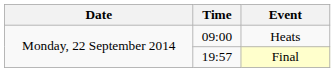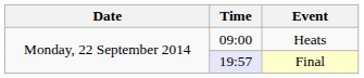 <table class = "wikitable" style="text-align:center;">
 <tr>
 <th width=220>Date</th>
 <th width=50>Time</th>
 <th width=100>Event</th>
 </tr>
 <tr>
 <td rowspan=2>Monday, 22 September 2014</td>
 <td>09:00</td>
 <td>Heats</td>
 </tr>
 <tr>
-<td>19:57</td>
+<td style="background: lavender;">19:57</td>
 <td bgcolor=ffffcc>Final</td>
 </tr>
 </table>
